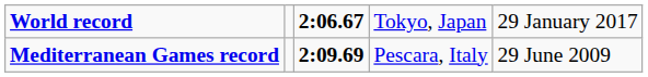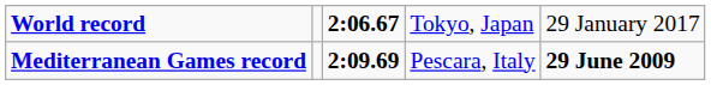 <table class="wikitable">
 <tr>
 <td><strong><a href='#'>World record</a></strong></td>
 <td></td>
 <td><strong>2:06.67</strong></td>
 <td><a href='#'>Tokyo</a>, <a href='#'>Japan</a></td>
 <td>29 January 2017</td>
 </tr>
 <tr>
 <td><strong><a href='#'>Mediterranean Games record</a></strong></td>
 <td></td>
 <td><strong>2:09.69</strong></td>
 <td><a href='#'>Pescara</a>, <a href='#'>Italy</a></td>
-<td>29 June 2009</td>
+<td><strong>29 June 2009</strong></td>
 </tr>
 </table>
